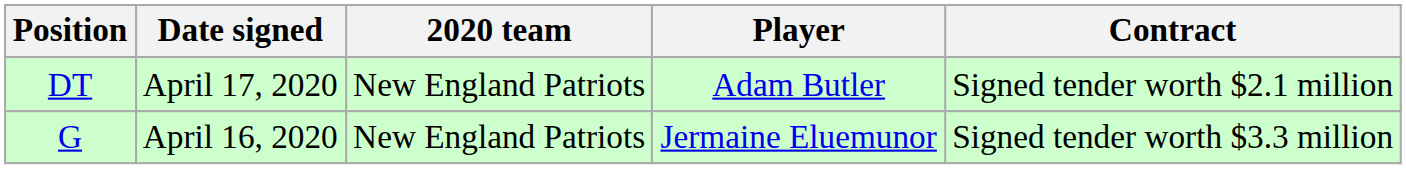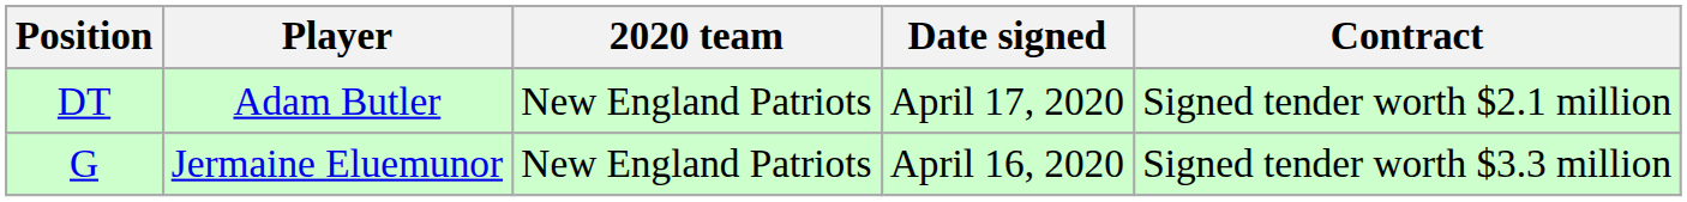 <table class="wikitable" style="text-align:center">
 <tr>
 <th>Position</th>
+<th>Player</th>
+<th>2020 team</th>
 <th>Date signed</th>
-<th>2020 team</th>
-<th>Player</th>
 <th>Contract</th>
 </tr>
 <tr style="background:#cfc">
 <td><a href='#'>DT</a></td>
+<td><a href='#'>Adam Butler</a></td>
+<td>New England Patriots</td>
 <td>April 17, 2020</td>
-<td>New England Patriots</td>
-<td><a href='#'>Adam Butler</a></td>
 <td>Signed tender worth $2.1 million</td>
 </tr>
 <tr style="background:#cfc">
 <td><a href='#'>G</a></td>
+<td><a href='#'>Jermaine Eluemunor</a></td>
+<td>New England Patriots</td>
 <td>April 16, 2020</td>
-<td>New England Patriots</td>
-<td><a href='#'>Jermaine Eluemunor</a></td>
 <td>Signed tender worth $3.3 million</td>
 </tr>
 </table>
